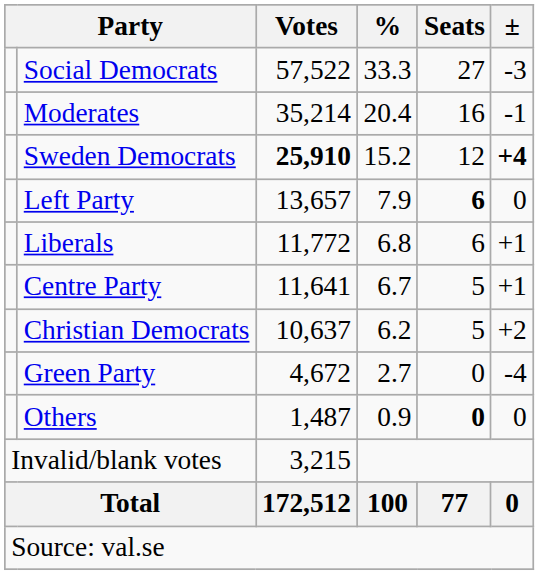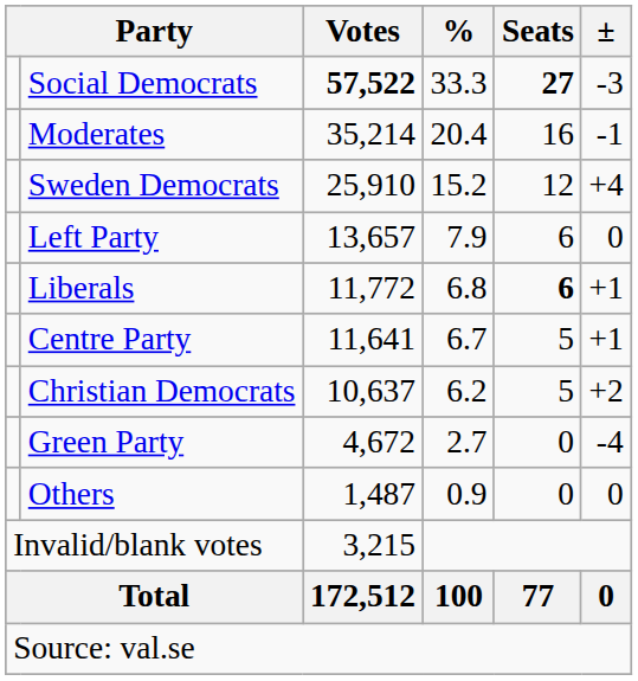 <table class=wikitable style=text-align:right>
 <tr>
 <th colspan=2>Party</th>
 <th>Votes</th>
 <th>%</th>
 <th>Seats</th>
 <th>±</th>
 </tr>
 <tr>
 <td bgcolor=></td>
 <td align=left><a href='#'>Social Democrats</a></td>
-<td>57,522</td>
+<td><strong>57,522</strong></td>
 <td>33.3</td>
-<td>27</td>
+<td><strong>27</strong></td>
 <td>-3</td>
 </tr>
 <tr>
 <td bgcolor=></td>
 <td align=left><a href='#'>Moderates</a></td>
 <td>35,214</td>
 <td>20.4</td>
 <td>16</td>
 <td>-1</td>
 </tr>
 <tr>
 <td bgcolor=></td>
 <td align=left><a href='#'>Sweden Democrats</a></td>
-<td><strong>25,910</strong></td>
+<td>25,910</td>
 <td>15.2</td>
 <td>12</td>
-<td><strong>+4</strong></td>
+<td>+4</td>
 </tr>
 <tr>
 <td bgcolor=></td>
 <td align=left><a href='#'>Left Party</a></td>
 <td>13,657</td>
 <td>7.9</td>
-<td><strong>6</strong></td>
+<td>6</td>
 <td>0</td>
 </tr>
 <tr>
 <td bgcolor=></td>
 <td align=left><a href='#'>Liberals</a></td>
 <td>11,772</td>
 <td>6.8</td>
-<td>6</td>
+<td><strong>6</strong></td>
 <td>+1</td>
 </tr>
 <tr>
 <td bgcolor=></td>
 <td align=left><a href='#'>Centre Party</a></td>
 <td>11,641</td>
 <td>6.7</td>
 <td>5</td>
 <td>+1</td>
 </tr>
 <tr>
 <td bgcolor=></td>
 <td align=left><a href='#'>Christian Democrats</a></td>
 <td>10,637</td>
 <td>6.2</td>
 <td>5</td>
 <td>+2</td>
 </tr>
 <tr>
 <td bgcolor=></td>
 <td align=left><a href='#'>Green Party</a></td>
 <td>4,672</td>
 <td>2.7</td>
 <td>0</td>
 <td>-4</td>
 </tr>
 <tr>
 <td></td>
 <td align=left><a href='#'>Others</a></td>
 <td>1,487</td>
 <td>0.9</td>
-<td><strong>0</strong></td>
+<td>0</td>
 <td>0</td>
 </tr>
 <tr>
 <td align=left colspan=2>Invalid/blank votes</td>
 <td>3,215</td>
 <td colspan=3></td>
 </tr>
 <tr>
 <th align=left colspan=2>Total</th>
 <th>172,512</th>
 <th>100</th>
 <th>77</th>
 <th>0</th>
 </tr>
 <tr>
 <td align=left colspan=6>Source: val.se </td>
 </tr>
 </table>
